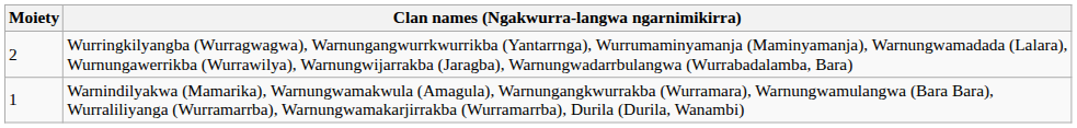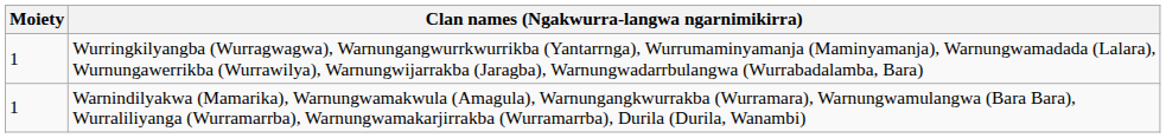 <table class="wikitable">
 <tr>
 <th>Moiety</th>
 <th>Clan names (Ngakwurra-langwa ngarnimikirra)</th>
 </tr>
 <tr>
-<td>2</td>
+<td>1</td>
 <td>Wurringkilyangba (Wurragwagwa), Warnungangwurrkwurrikba (Yantarrnga), Wurrumaminyamanja (Maminyamanja), Warnungwamadada (Lalara),<br>Wurnungawerrikba (Wurrawilya), Warnungwijarrakba (Jaragba), Warnungwadarrbulangwa (Wurrabadalamba, Bara)</td>
 </tr>
 <tr>
 <td>1</td>
 <td>Warnindilyakwa (Mamarika), Warnungwamakwula (Amagula), Warnungangkwurrakba (Wurramara), Warnungwamulangwa (Bara Bara),<br>Wurraliliyanga (Wurramarrba), Warnungwamakarjirrakba (Wurramarrba), Durila (Durila, Wanambi)</td>
 </tr>
 </table>
